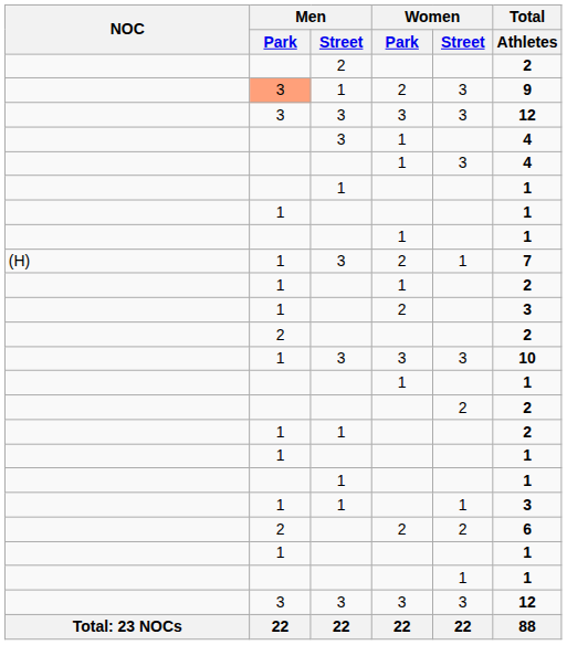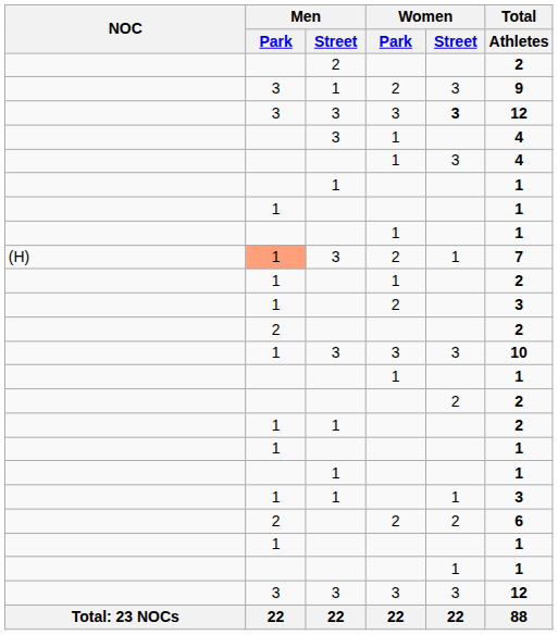 <table class="wikitable sortable" width=520 style="text-align:center; font-size:90%">
 <tr>
 <th rowspan="2" style="text-align:center;">NOC</th>
 <th colspan="2">Men</th>
 <th colspan="2">Women</th>
 <th>Total</th>
 </tr>
 <tr>
 <th width=50><a href='#'>Park</a></th>
 <th width=50><a href='#'>Street</a></th>
 <th width=50><a href='#'>Park</a></th>
 <th width=50><a href='#'>Street</a></th>
 <th width=50>Athletes</th>
 </tr>
 <tr>
 <td align=left></td>
 <td></td>
 <td>2</td>
 <td></td>
 <td></td>
 <td><strong>2</strong></td>
 </tr>
 <tr>
 <td align=left></td>
-<td style="background: lightsalmon;">3</td>
+<td>3</td>
 <td>1</td>
 <td>2</td>
 <td>3</td>
 <td><strong>9</strong></td>
 </tr>
 <tr>
 <td align=left></td>
 <td>3</td>
 <td>3</td>
 <td>3</td>
-<td>3</td>
+<td><strong>3</strong></td>
 <td><strong>12</strong></td>
 </tr>
 <tr>
 <td align=left></td>
 <td></td>
 <td>3</td>
 <td>1</td>
 <td></td>
 <td><strong>4</strong></td>
 </tr>
 <tr>
 <td align=left></td>
 <td></td>
 <td></td>
 <td>1</td>
 <td>3</td>
 <td><strong>4</strong></td>
 </tr>
 <tr>
 <td align=left></td>
 <td></td>
 <td>1</td>
 <td></td>
 <td></td>
 <td><strong>1</strong></td>
 </tr>
 <tr>
 <td align=left></td>
 <td>1</td>
 <td></td>
 <td></td>
 <td></td>
 <td><strong>1</strong></td>
 </tr>
 <tr>
 <td align=left></td>
 <td></td>
 <td></td>
 <td>1</td>
 <td></td>
 <td><strong>1</strong></td>
 </tr>
 <tr>
 <td align=left> (H)</td>
-<td>1</td>
+<td style="background: lightsalmon;">1</td>
 <td>3</td>
 <td>2</td>
 <td>1</td>
 <td><strong>7</strong></td>
 </tr>
 <tr>
 <td align=left></td>
 <td>1</td>
 <td></td>
 <td>1</td>
 <td></td>
 <td><strong>2</strong></td>
 </tr>
 <tr>
 <td align=left></td>
 <td>1</td>
 <td></td>
 <td>2</td>
 <td></td>
 <td><strong>3</strong></td>
 </tr>
 <tr>
 <td align=left></td>
 <td>2</td>
 <td></td>
 <td></td>
 <td></td>
 <td><strong>2</strong></td>
 </tr>
 <tr>
 <td align=left></td>
 <td>1</td>
 <td>3</td>
 <td>3</td>
 <td>3</td>
 <td><strong>10</strong></td>
 </tr>
 <tr>
 <td align=left></td>
 <td></td>
 <td></td>
 <td>1</td>
 <td></td>
 <td><strong>1</strong></td>
 </tr>
 <tr>
 <td align=left></td>
 <td></td>
 <td></td>
 <td></td>
 <td>2</td>
 <td><strong>2</strong></td>
 </tr>
 <tr>
 <td align=left></td>
 <td>1</td>
 <td>1</td>
 <td></td>
 <td></td>
 <td><strong>2</strong></td>
 </tr>
 <tr>
 <td align=left></td>
 <td>1</td>
 <td></td>
 <td></td>
 <td></td>
 <td><strong>1</strong></td>
 </tr>
 <tr>
 <td align=left></td>
 <td></td>
 <td>1</td>
 <td></td>
 <td></td>
 <td><strong>1</strong></td>
 </tr>
 <tr>
 <td align=left></td>
 <td>1</td>
 <td>1</td>
 <td></td>
 <td>1</td>
 <td><strong>3</strong></td>
 </tr>
 <tr>
 <td align=left></td>
 <td>2</td>
 <td></td>
 <td>2</td>
 <td>2</td>
 <td><strong>6</strong></td>
 </tr>
 <tr>
 <td align=left></td>
 <td>1</td>
 <td></td>
 <td></td>
 <td></td>
 <td><strong>1</strong></td>
 </tr>
 <tr>
 <td align=left></td>
 <td></td>
 <td></td>
 <td></td>
 <td>1</td>
 <td><strong>1</strong></td>
 </tr>
 <tr>
 <td align=left></td>
 <td>3</td>
 <td>3</td>
 <td>3</td>
 <td>3</td>
 <td><strong>12</strong></td>
 </tr>
 <tr>
 <th>Total: 23 NOCs</th>
 <th>22</th>
 <th>22</th>
 <th>22</th>
 <th>22</th>
 <th>88</th>
 </tr>
 </table>
